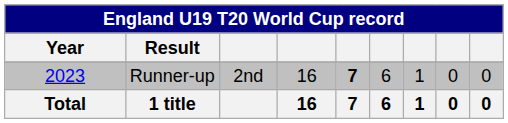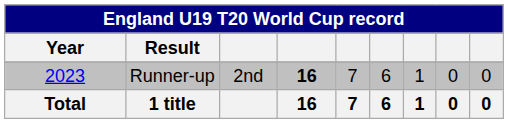 <table class="wikitable" style="font-size:90%; text-align:center;">
 <tr>
 <th style="background:#000080; color:white; text-align:center;" colspan=9>England U19 T20 World Cup record</th>
 </tr>
 <tr>
 <th width="90">Year</th>
 <th>Result</th>
 <th width="40"></th>
 <th width="40"></th>
 <th width="20"></th>
 <th width="20"></th>
 <th width="20"></th>
 <th width="20"></th>
 <th width="20"></th>
 </tr>
 <tr>
 </tr>
 <tr bgcolor=silver>
 <td> <a href='#'>2023</a></td>
 <td>Runner-up</td>
 <td>2nd</td>
-<td>16</td>
-<td><strong>7</strong></td>
+<td><strong>16</strong></td>
+<td>7</td>
 <td>6</td>
 <td>1</td>
 <td>0</td>
 <td>0</td>
 </tr>
 <tr>
 <th>Total</th>
 <th><strong>1 title</strong></th>
 <th></th>
 <th>16</th>
 <th>7</th>
 <th>6</th>
 <th>1</th>
 <th>0</th>
 <th>0</th>
 </tr>
 </table>
